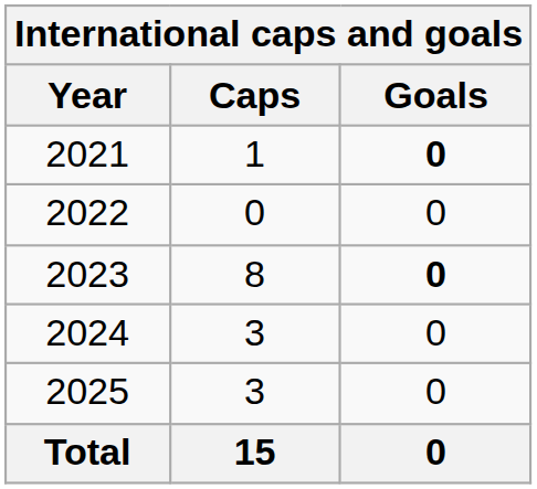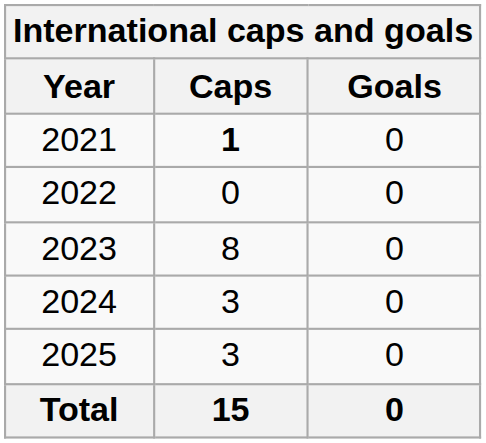 <table class="wikitable sortable" style="text-align:center">
 <tr>
 <th colspan="3">International caps and goals</th>
 </tr>
 <tr>
 <th>Year</th>
 <th>Caps</th>
 <th>Goals</th>
 </tr>
 <tr>
 <td>2021</td>
-<td>1</td>
-<td><strong>0</strong></td>
+<td><strong>1</strong></td>
+<td>0</td>
 </tr>
 <tr>
 <td>2022</td>
 <td>0</td>
 <td>0</td>
 </tr>
 <tr>
 <td>2023</td>
 <td>8</td>
-<td><strong>0</strong></td>
+<td>0</td>
 </tr>
 <tr>
 <td>2024</td>
 <td>3</td>
 <td>0</td>
 </tr>
 <tr>
 <td>2025</td>
 <td>3</td>
 <td>0</td>
 </tr>
 <tr>
 <th>Total</th>
 <th>15</th>
 <th>0</th>
 </tr>
 </table>
